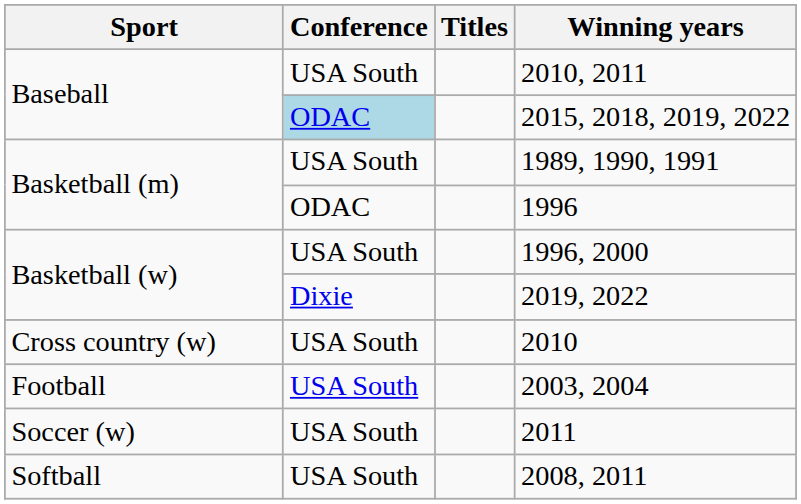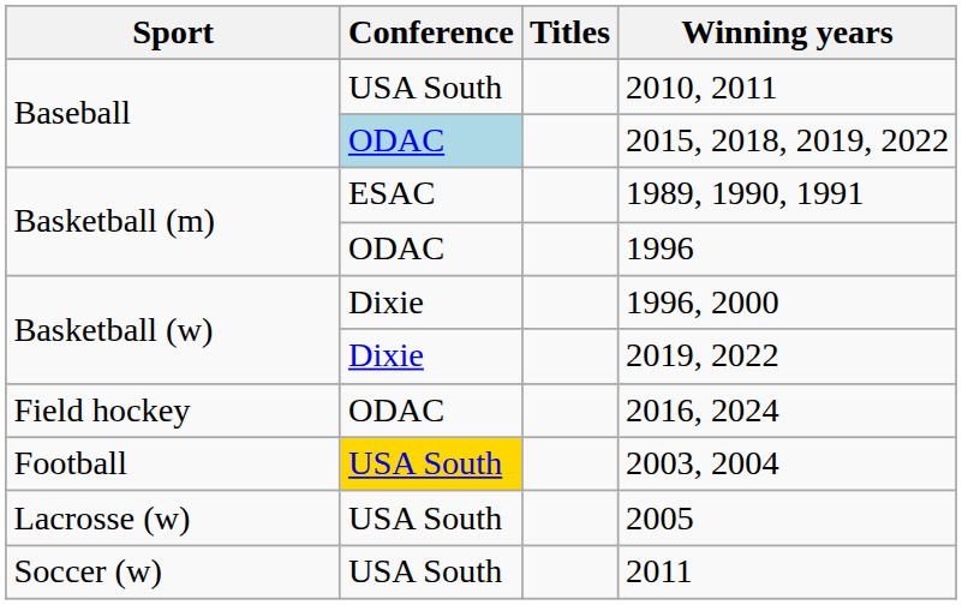 <table class="wikitable sorttable"; style= "text-align: ">
 <tr>
 <th width=150px>Sport</th>
 <th width=px>Conference</th>
 <th width=px>Titles</th>
 <th width=px>Winning years</th>
 </tr>
 <tr>
 <td rowspan=2>Baseball</td>
 <td>USA South</td>
 <td></td>
 <td>2010, 2011</td>
 </tr>
 <tr>
 <td style="background: lightblue;"><a href='#'>ODAC</a></td>
 <td></td>
 <td>2015, 2018, 2019, 2022</td>
 </tr>
 <tr>
 <td rowspan=2>Basketball (m)</td>
-<td>USA South</td>
+<td>ESAC </td>
 <td></td>
 <td>1989, 1990, 1991</td>
 </tr>
 <tr>
 <td>ODAC</td>
 <td></td>
 <td>1996</td>
 </tr>
 <tr>
 <td rowspan=2>Basketball (w)</td>
-<td>USA South</td>
+<td>Dixie</td>
 <td></td>
 <td>1996, 2000</td>
 </tr>
 <tr>
 <td><a href='#'>Dixie</a></td>
 <td></td>
 <td>2019, 2022</td>
 </tr>
 <tr>
-<td>Cross country (w)</td>
-<td>USA South</td>
+<td>Field hockey</td>
+<td>ODAC</td>
 <td></td>
-<td>2010</td>
+<td>2016, 2024</td>
 </tr>
 <tr>
 <td>Football</td>
-<td><a href='#'>USA South</a></td>
+<td style="background: gold;"><a href='#'>USA South</a></td>
 <td></td>
 <td>2003, 2004</td>
+</tr>
+<tr>
+<td>Lacrosse (w)</td>
+<td>USA South</td>
+<td></td>
+<td>2005</td>
 </tr>
 <tr>
 <td>Soccer (w)</td>
 <td>USA South</td>
 <td></td>
 <td>2011</td>
 </tr>
-<tr>
-<td>Softball</td>
-<td>USA South</td>
-<td></td>
-<td>2008, 2011</td>
-</tr>
 </table>
